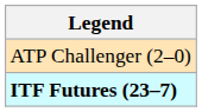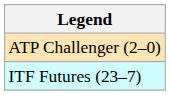 <table class=wikitable style=font-size:95%>
 <tr>
 <th>Legend</th>
 </tr>
 <tr bgcolor=moccasin>
 <td>ATP Challenger (2–0)</td>
 </tr>
 <tr bgcolor=cffcff>
-<td><strong>ITF Futures (23–7)</strong></td>
+<td>ITF Futures (23–7)</td>
 </tr>
 </table>
